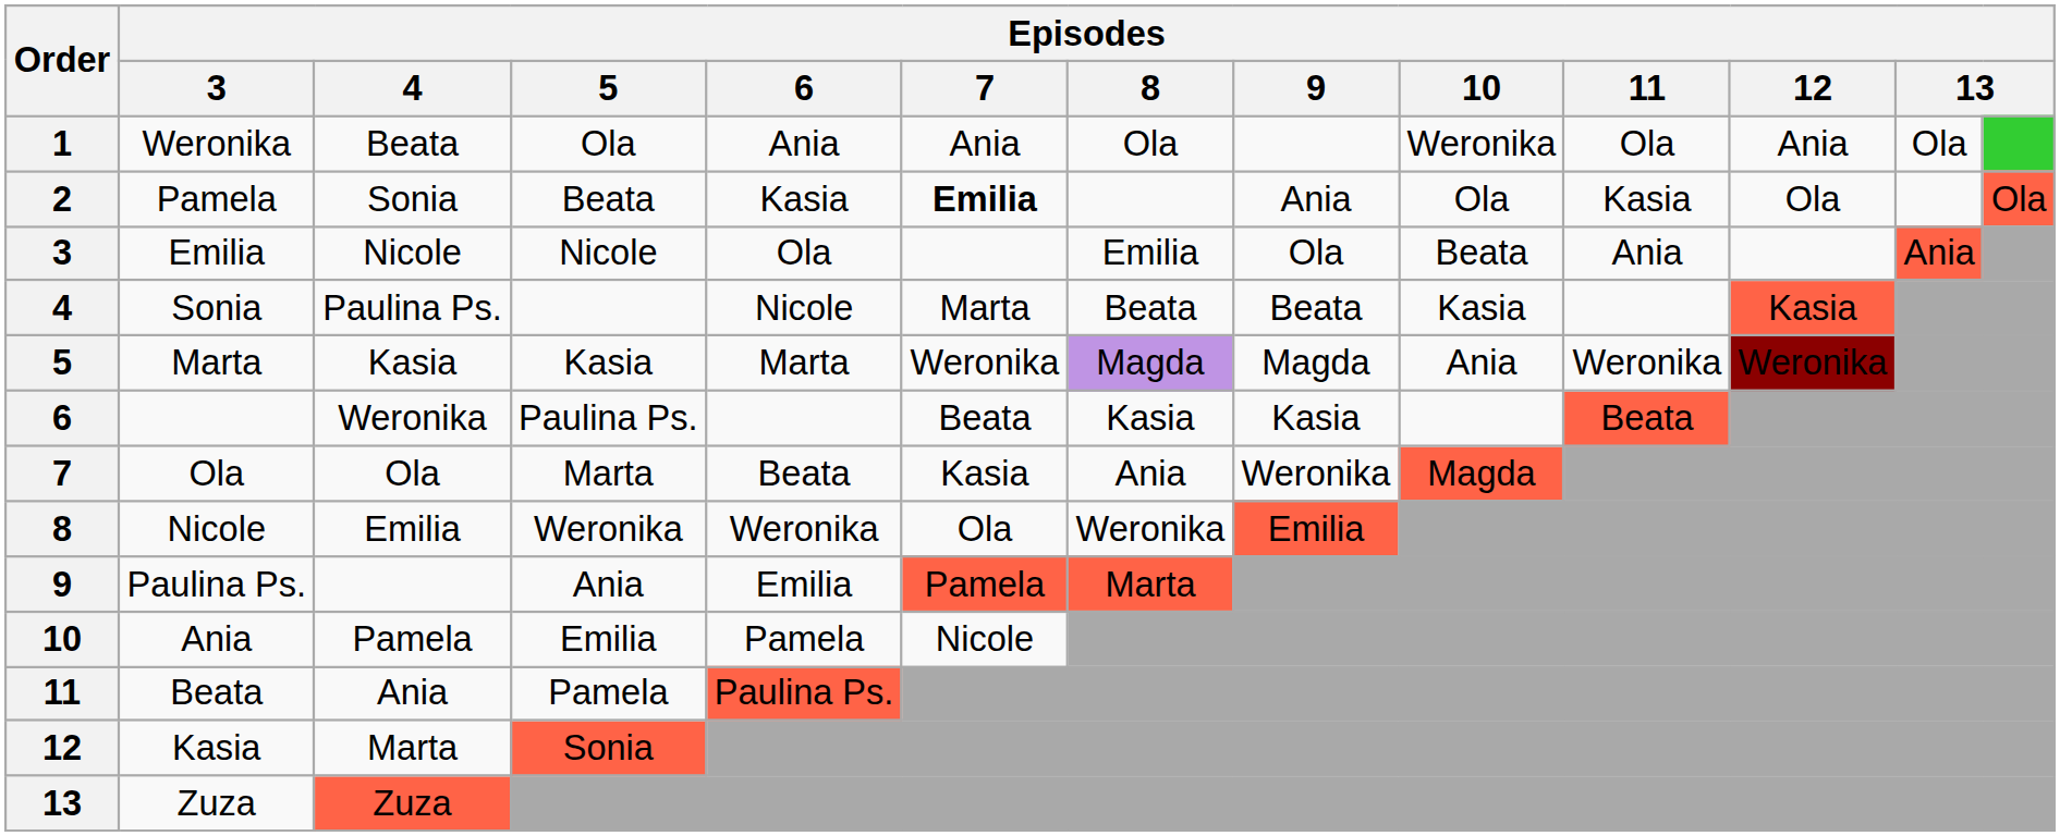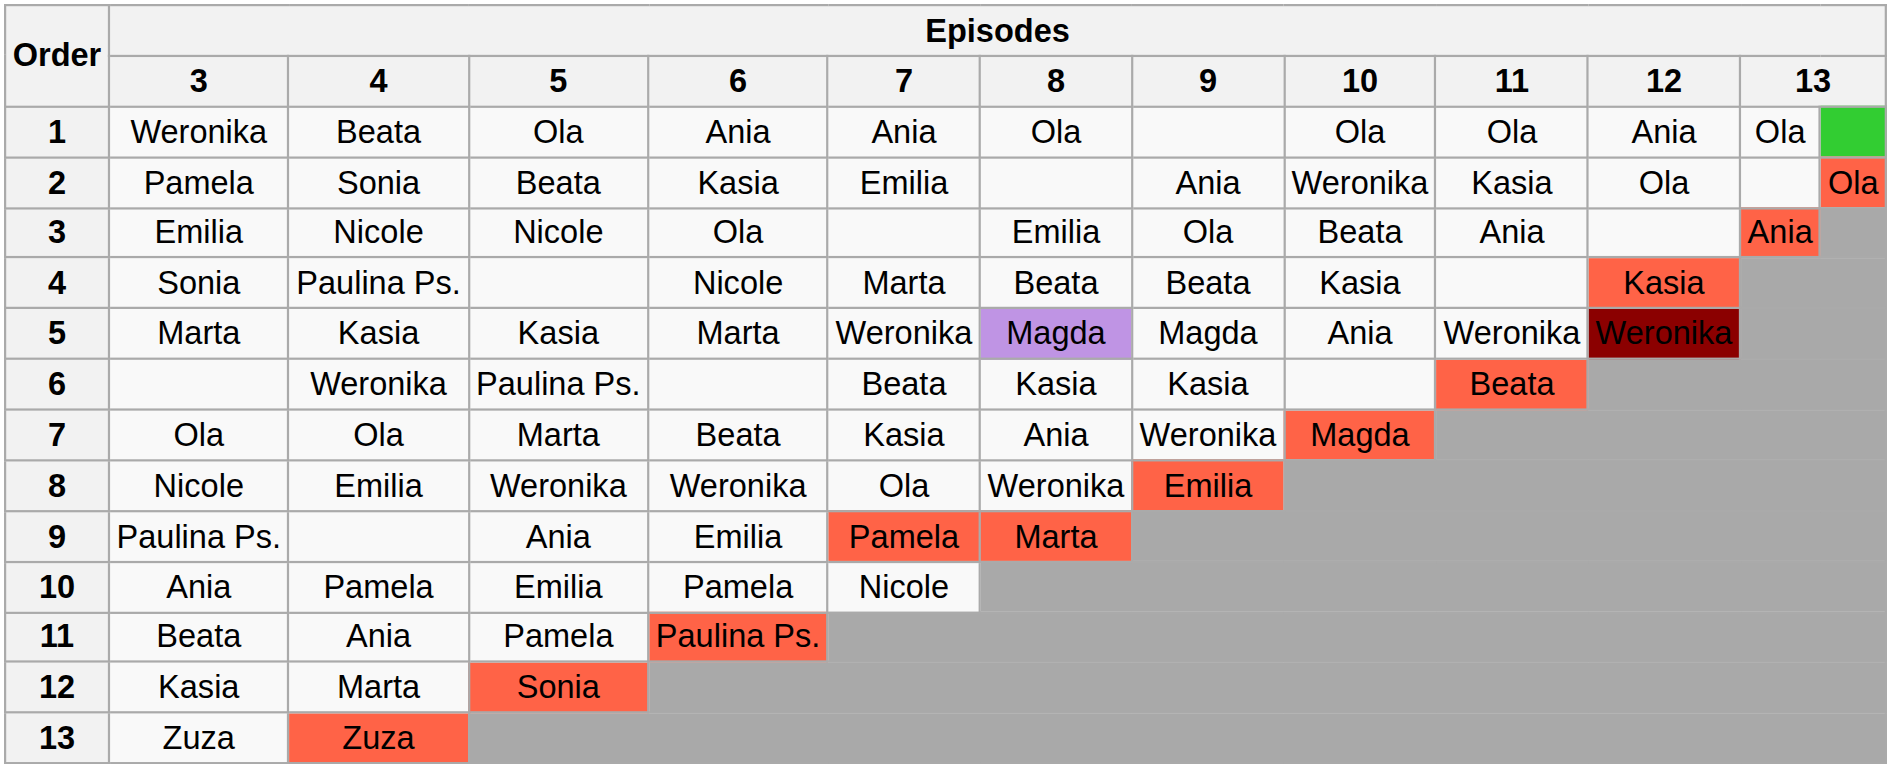 <table class="wikitable" style="text-align:center; font-size:92%">
 <tr>
 <th rowspan=2>Order</th>
 <th colspan=13>Episodes</th>
 </tr>
 <tr>
 <th>3</th>
 <th>4</th>
 <th>5</th>
 <th>6</th>
 <th>7</th>
 <th>8</th>
 <th>9</th>
 <th>10</th>
 <th>11</th>
 <th>12</th>
 <th colspan=2>13</th>
 </tr>
 <tr>
 <th>1</th>
 <td>Weronika</td>
 <td>Beata</td>
 <td>Ola</td>
 <td>Ania</td>
 <td>Ania</td>
 <td>Ola</td>
 <td></td>
-<td>Weronika</td>
+<td>Ola</td>
 <td>Ola</td>
 <td>Ania</td>
 <td>Ola</td>
 <td style="background:limegreen;"></td>
 </tr>
 <tr>
 <th>2</th>
 <td>Pamela</td>
 <td>Sonia</td>
 <td>Beata</td>
 <td>Kasia</td>
-<td><strong>Emilia</strong></td>
+<td>Emilia</td>
 <td></td>
 <td>Ania</td>
-<td>Ola</td>
+<td>Weronika</td>
 <td>Kasia</td>
 <td>Ola</td>
 <td></td>
 <td style="background:tomato;">Ola</td>
 </tr>
 <tr>
 <th>3</th>
 <td>Emilia</td>
 <td>Nicole</td>
 <td>Nicole</td>
 <td>Ola</td>
 <td></td>
 <td>Emilia</td>
 <td>Ola</td>
 <td>Beata</td>
 <td>Ania</td>
 <td></td>
 <td style="background:tomato;">Ania</td>
 <td colspan="1" style="background:darkgray;"></td>
 </tr>
 <tr>
 <th>4</th>
 <td>Sonia</td>
 <td>Paulina Ps.</td>
 <td></td>
 <td>Nicole</td>
 <td>Marta</td>
 <td>Beata</td>
 <td>Beata</td>
 <td>Kasia</td>
 <td></td>
 <td style="background:tomato;">Kasia</td>
 <td colspan="2" style="background:darkgray;"></td>
 </tr>
 <tr>
 <th>5</th>
 <td>Marta</td>
 <td>Kasia</td>
 <td>Kasia</td>
 <td>Marta</td>
 <td>Weronika</td>
 <td style="background:#BF94E4;">Magda</td>
 <td>Magda</td>
 <td>Ania</td>
 <td>Weronika</td>
 <td bgcolor="darkred"><span>Weronika</span></td>
 <td style="background:darkgray;" colspan="3"></td>
 </tr>
 <tr>
 <th>6</th>
 <td></td>
 <td>Weronika</td>
 <td>Paulina Ps.</td>
 <td></td>
 <td>Beata</td>
 <td>Kasia</td>
 <td>Kasia</td>
 <td></td>
 <td style="background:tomato;">Beata</td>
 <td colspan="4" style="background:darkgray;"></td>
 </tr>
 <tr>
 <th>7</th>
 <td>Ola</td>
 <td>Ola</td>
 <td>Marta</td>
 <td>Beata</td>
 <td>Kasia</td>
 <td>Ania</td>
 <td>Weronika</td>
 <td style="background:tomato;">Magda</td>
 <td colspan="5" style="background:darkgray;"></td>
 </tr>
 <tr>
 <th>8</th>
 <td>Nicole</td>
 <td>Emilia</td>
 <td>Weronika</td>
 <td>Weronika</td>
 <td>Ola</td>
 <td>Weronika</td>
 <td style="background:tomato;">Emilia</td>
 <td colspan="6" style="background:darkgray;"></td>
 </tr>
 <tr>
 <th>9</th>
 <td>Paulina Ps.</td>
 <td></td>
 <td>Ania</td>
 <td>Emilia</td>
 <td style="background:Tomato;">Pamela</td>
 <td style="background:Tomato;">Marta</td>
 <td colspan="7" style="background:darkgray;"></td>
 </tr>
 <tr>
 <th>10</th>
 <td>Ania</td>
 <td>Pamela</td>
 <td>Emilia</td>
 <td>Pamela</td>
 <td>Nicole</td>
 <td colspan="8" style="background:darkgray;"></td>
 </tr>
 <tr>
 <th>11</th>
 <td>Beata</td>
 <td>Ania</td>
 <td>Pamela</td>
 <td style="background:Tomato;">Paulina Ps.</td>
 <td colspan="9" style="background:darkgray;"></td>
 </tr>
 <tr>
 <th>12</th>
 <td>Kasia</td>
 <td>Marta</td>
 <td style="background:Tomato;">Sonia</td>
 <td colspan="11" style="background:darkgray;"></td>
 </tr>
 <tr>
 <th>13</th>
 <td>Zuza</td>
 <td style="background:Tomato;">Zuza</td>
 <td style="background:darkgray;" colspan="11"></td>
 </tr>
 </table>
